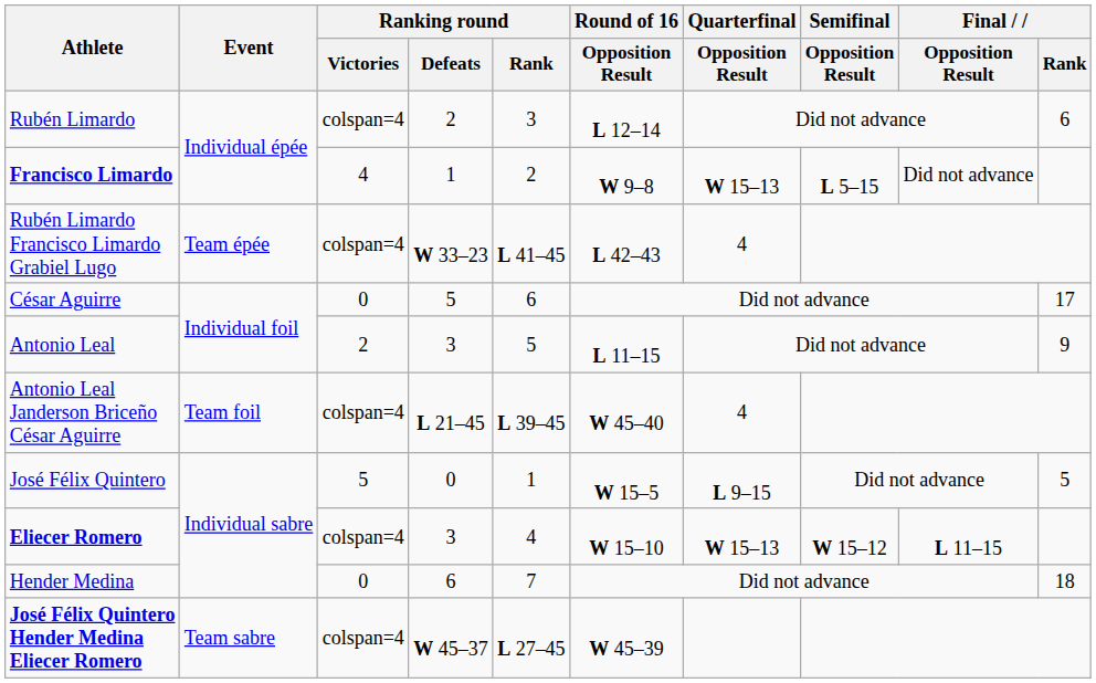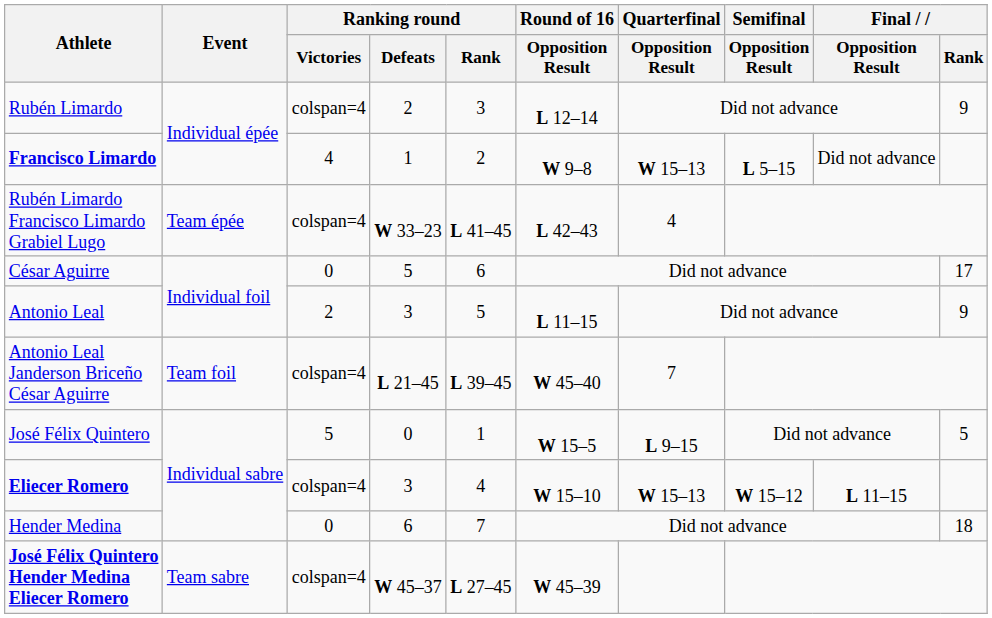 <table class=wikitable style=font-size:90%;text-align:center>
 <tr>
 <th rowspan=2>Athlete</th>
 <th rowspan=2>Event</th>
 <th colspan=3>Ranking round</th>
 <th>Round of 16</th>
 <th>Quarterfinal</th>
 <th>Semifinal</th>
 <th colspan=2>Final /  / </th>
 </tr>
 <tr style=font-size:95%>
 <th>Victories</th>
 <th>Defeats</th>
 <th>Rank</th>
 <th>Opposition<br>Result</th>
 <th>Opposition<br>Result</th>
 <th>Opposition<br>Result</th>
 <th>Opposition<br>Result</th>
 <th>Rank</th>
 </tr>
 <tr>
 <td align=left><a href='#'>Rubén Limardo</a></td>
 <td align=left rowspan=2><a href='#'>Individual épée</a></td>
 <td>colspan=4 </td>
 <td>2</td>
 <td>3</td>
 <td><br> <strong>L</strong> 12–14</td>
 <td colspan=3>Did not advance</td>
-<td>6</td>
+<td>9</td>
 </tr>
 <tr>
 <td align=left><strong><a href='#'>Francisco Limardo</a></strong></td>
 <td>4</td>
 <td>1</td>
 <td>2</td>
 <td><br> <strong>W</strong> 9–8</td>
 <td><br><strong>W</strong> 15–13</td>
 <td><br><strong>L</strong> 5–15</td>
 <td>Did not advance</td>
 <td></td>
 </tr>
 <tr>
 <td align=left><a href='#'>Rubén Limardo</a><br><a href='#'>Francisco Limardo</a><br><a href='#'>Grabiel Lugo</a></td>
 <td align=left><a href='#'>Team épée</a></td>
 <td>colspan=4 </td>
 <td><br><strong>W</strong> 33–23</td>
 <td><br><strong>L</strong> 41–45</td>
 <td><br><strong>L</strong> 42–43</td>
 <td>4</td>
 </tr>
 <tr>
 <td align=left><a href='#'>César Aguirre</a></td>
 <td align=left rowspan=2><a href='#'>Individual foil</a></td>
 <td>0</td>
 <td>5</td>
 <td>6</td>
 <td colspan=4>Did not advance</td>
 <td>17</td>
 </tr>
 <tr>
 <td align=left><a href='#'>Antonio Leal</a></td>
 <td>2</td>
 <td>3</td>
 <td>5</td>
 <td><br><strong>L</strong> 11–15</td>
 <td colspan=3>Did not advance</td>
 <td>9</td>
 </tr>
 <tr>
 <td align=left><a href='#'>Antonio Leal</a><br><a href='#'>Janderson Briceño</a><br><a href='#'>César Aguirre</a><br></td>
 <td align=left><a href='#'>Team foil</a></td>
 <td>colspan=4 </td>
 <td><br><strong>L</strong> 21–45</td>
 <td><br><strong>L</strong> 39–45</td>
 <td><br><strong>W</strong> 45–40</td>
-<td>4</td>
+<td>7</td>
 </tr>
 <tr>
 <td align=left><a href='#'>José Félix Quintero</a></td>
 <td align=left rowspan=3><a href='#'>Individual sabre</a></td>
 <td>5</td>
 <td>0</td>
 <td>1</td>
 <td><br><strong>W</strong> 15–5</td>
 <td><br><strong>L</strong> 9–15</td>
 <td colspan=2>Did not advance</td>
 <td>5</td>
 </tr>
 <tr>
 <td align=left><strong><a href='#'>Eliecer Romero</a></strong></td>
 <td>colspan=4 </td>
 <td>3</td>
 <td>4</td>
 <td><br><strong>W</strong> 15–10</td>
 <td><br><strong>W</strong> 15–13</td>
 <td><br><strong>W</strong> 15–12</td>
 <td><br><strong>L</strong> 11–15</td>
 <td></td>
 </tr>
 <tr>
 <td align=left><a href='#'>Hender Medina</a></td>
 <td>0</td>
 <td>6</td>
 <td>7</td>
 <td colspan=4>Did not advance</td>
 <td>18</td>
 </tr>
 <tr>
 <td align=left><strong><a href='#'>José Félix Quintero</a><br><a href='#'>Hender Medina</a><br><a href='#'>Eliecer Romero</a></strong></td>
 <td align=left><a href='#'>Team sabre</a></td>
 <td>colspan=4 </td>
 <td><br><strong>W</strong> 45–37</td>
 <td><br><strong>L</strong> 27–45</td>
 <td><br><strong>W</strong> 45–39</td>
 <td></td>
 </tr>
 </table>
